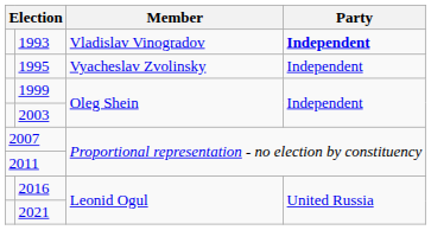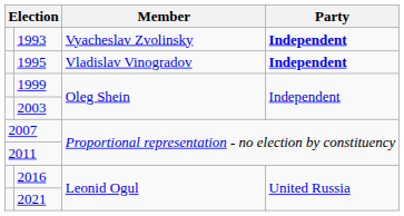 <table class="wikitable">
 <tr>
 <th colspan="2">Election</th>
 <th>Member</th>
 <th>Party</th>
 </tr>
 <tr>
 <td style="background-color:"></td>
 <td><a href='#'>1993</a></td>
-<td><a href='#'>Vladislav Vinogradov</a></td>
+<td><a href='#'>Vyacheslav Zvolinsky</a></td>
 <td><strong><a href='#'>Independent</a></strong></td>
 </tr>
 <tr>
 <td style="background-color:"></td>
 <td><a href='#'>1995</a></td>
-<td><a href='#'>Vyacheslav Zvolinsky</a></td>
-<td><a href='#'>Independent</a></td>
+<td><a href='#'>Vladislav Vinogradov</a></td>
+<td><strong><a href='#'>Independent</a></strong></td>
 </tr>
 <tr>
 <td style="background-color:"></td>
 <td><a href='#'>1999</a></td>
 <td rowspan=2><a href='#'>Oleg Shein</a></td>
 <td rowspan=2><a href='#'>Independent</a></td>
 </tr>
 <tr>
 <td style="background-color:"></td>
 <td><a href='#'>2003</a></td>
 </tr>
 <tr>
 <td colspan=2><a href='#'>2007</a></td>
 <td colspan=2 rowspan=2><em><a href='#'>Proportional representation</a> - no election by constituency</em></td>
 </tr>
 <tr>
 <td colspan=2><a href='#'>2011</a></td>
 </tr>
 <tr>
 <td style="background-color: "></td>
 <td><a href='#'>2016</a></td>
 <td rowspan=2><a href='#'>Leonid Ogul</a></td>
 <td rowspan=2><a href='#'>United Russia</a></td>
 </tr>
 <tr>
 <td style="background-color: "></td>
 <td><a href='#'>2021</a></td>
 </tr>
 </table>
